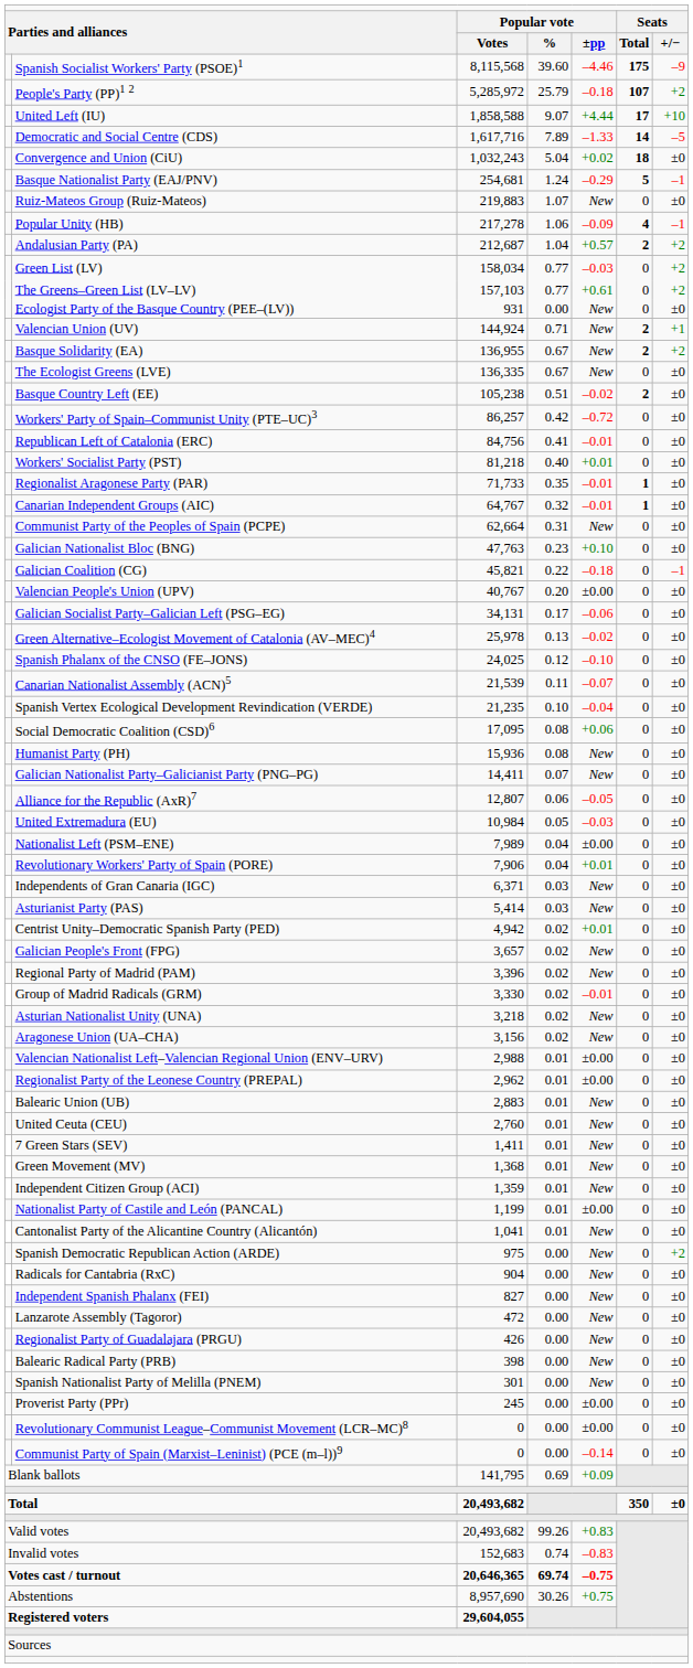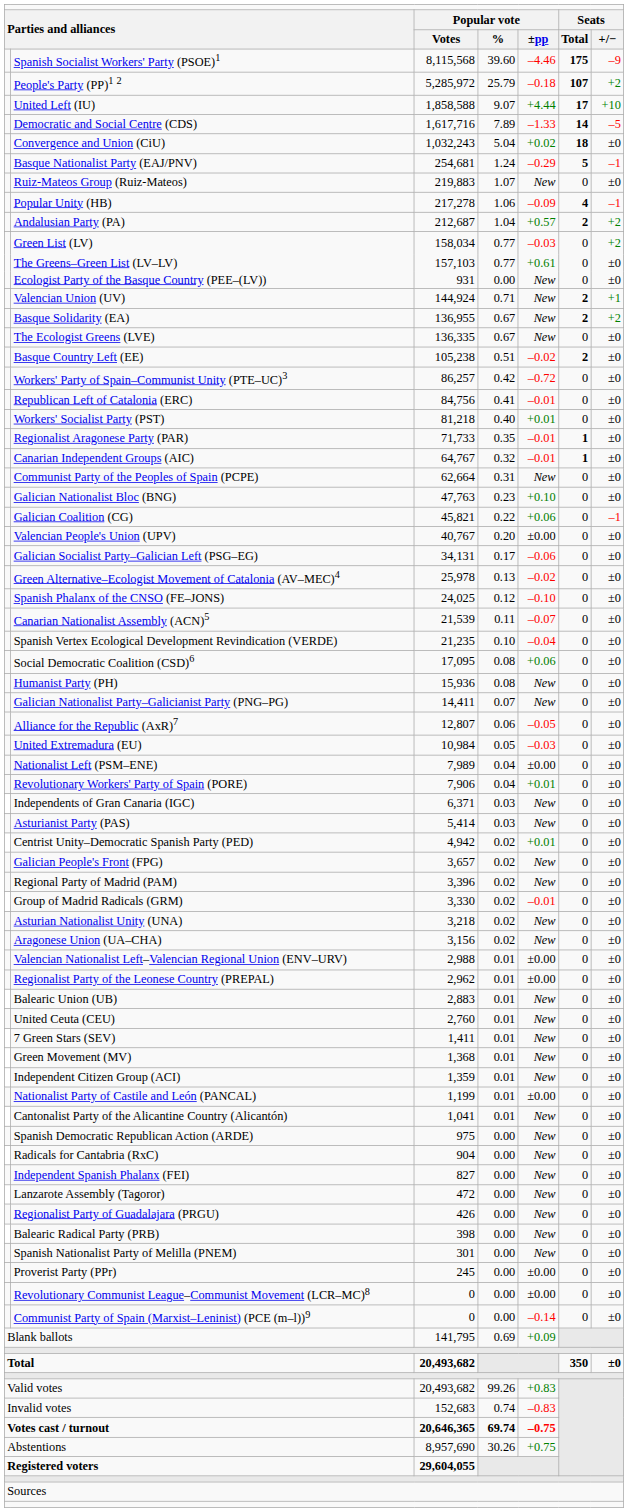 <table class="wikitable" style="text-align:right;">
 <tr>
 <td colspan="7"></td>
 </tr>
 <tr>
 <th style="text-align:left;" rowspan="2" colspan="2" width="525">Parties and alliances</th>
 <th colspan="3">Popular vote</th>
 <th colspan="2">Seats</th>
 </tr>
 <tr>
 <th width="75">Votes</th>
 <th width="45">%</th>
 <th width="45">±<a href='#'>pp</a></th>
 <th width="35">Total</th>
 <th width="35">+/−</th>
 </tr>
 <tr>
 <td width="1" style="color:inherit;background:"></td>
 <td align="left"><a href='#'>Spanish Socialist Workers' Party</a> (PSOE)<sup>1</sup></td>
 <td>8,115,568</td>
 <td>39.60</td>
 <td style="color:red;">–4.46</td>
 <td><strong>175</strong></td>
 <td style="color:red;">–9</td>
 </tr>
 <tr>
 <td style="color:inherit;background:"></td>
 <td align="left"><a href='#'>People's Party</a> (PP)<sup>1</sup> <sup>2</sup></td>
 <td>5,285,972</td>
 <td>25.79</td>
 <td style="color:red;">–0.18</td>
 <td><strong>107</strong></td>
 <td style="color:green;">+2</td>
 </tr>
 <tr>
 <td style="color:inherit;background:"></td>
 <td align="left"><a href='#'>United Left</a> (IU)</td>
 <td>1,858,588</td>
 <td>9.07</td>
 <td style="color:green;">+4.44</td>
 <td><strong>17</strong></td>
 <td style="color:green;">+10</td>
 </tr>
 <tr>
 <td style="color:inherit;background:"></td>
 <td align="left"><a href='#'>Democratic and Social Centre</a> (CDS)</td>
 <td>1,617,716</td>
 <td>7.89</td>
 <td style="color:red;">–1.33</td>
 <td><strong>14</strong></td>
 <td style="color:red;">–5</td>
 </tr>
 <tr>
 <td style="color:inherit;background:"></td>
 <td align="left"><a href='#'>Convergence and Union</a> (CiU)</td>
 <td>1,032,243</td>
 <td>5.04</td>
 <td style="color:green;">+0.02</td>
 <td><strong>18</strong></td>
 <td>±0</td>
 </tr>
 <tr>
 <td style="color:inherit;background:"></td>
 <td align="left"><a href='#'>Basque Nationalist Party</a> (EAJ/PNV)</td>
 <td>254,681</td>
 <td>1.24</td>
 <td style="color:red;">–0.29</td>
 <td><strong>5</strong></td>
 <td style="color:red;">–1</td>
 </tr>
 <tr>
 <td style="color:inherit;background:"></td>
 <td align="left"><a href='#'>Ruiz-Mateos Group</a> (Ruiz-Mateos)</td>
 <td>219,883</td>
 <td>1.07</td>
 <td><em>New</em></td>
 <td>0</td>
 <td>±0</td>
 </tr>
 <tr>
 <td style="color:inherit;background:"></td>
 <td align="left"><a href='#'>Popular Unity</a> (HB)</td>
 <td>217,278</td>
 <td>1.06</td>
 <td style="color:red;">–0.09</td>
 <td><strong>4</strong></td>
 <td style="color:red;">–1</td>
 </tr>
 <tr>
 <td style="color:inherit;background:"></td>
 <td align="left"><a href='#'>Andalusian Party</a> (PA)</td>
 <td>212,687</td>
 <td>1.04</td>
 <td style="color:green;">+0.57</td>
 <td><strong>2</strong></td>
 <td style="color:green;">+2</td>
 </tr>
 <tr style="line-height:22px;">
 <td rowspan="3" style="color:inherit;background:"></td>
 <td align="left"><a href='#'>Green List</a> (LV)</td>
 <td>158,034</td>
 <td>0.77</td>
 <td style="color:red;">–0.03</td>
 <td>0</td>
 <td style="color:green;">+2</td>
 </tr>
 <tr style="border-bottom-style:hidden; border-top-style:hidden; line-height:16px;">
 <td align="left"><span><a href='#'>The Greens–Green List</a> (LV–LV)</span></td>
 <td>157,103</td>
 <td>0.77</td>
 <td style="color:green;">+0.61</td>
 <td>0</td>
-<td style="color:green;">+2</td>
+<td>±0</td>
 </tr>
 <tr style="line-height:16px;">
 <td align="left"><span><a href='#'>Ecologist Party of the Basque Country</a> (PEE–(LV))</span></td>
 <td>931</td>
 <td>0.00</td>
 <td><em>New</em></td>
 <td>0</td>
 <td>±0</td>
 </tr>
 <tr>
 <td style="color:inherit;background:"></td>
 <td align="left"><a href='#'>Valencian Union</a> (UV)</td>
 <td>144,924</td>
 <td>0.71</td>
 <td><em>New</em></td>
 <td><strong>2</strong></td>
 <td style="color:green;">+1</td>
 </tr>
 <tr>
 <td style="color:inherit;background:"></td>
 <td align="left"><a href='#'>Basque Solidarity</a> (EA)</td>
 <td>136,955</td>
 <td>0.67</td>
 <td><em>New</em></td>
 <td><strong>2</strong></td>
 <td style="color:green;">+2</td>
 </tr>
 <tr>
 <td style="color:inherit;background:"></td>
 <td align="left"><a href='#'>The Ecologist Greens</a> (LVE)</td>
 <td>136,335</td>
 <td>0.67</td>
 <td><em>New</em></td>
 <td>0</td>
 <td>±0</td>
 </tr>
 <tr>
 <td style="color:inherit;background:"></td>
 <td align="left"><a href='#'>Basque Country Left</a> (EE)</td>
 <td>105,238</td>
 <td>0.51</td>
 <td style="color:red;">–0.02</td>
 <td><strong>2</strong></td>
 <td>±0</td>
 </tr>
 <tr>
 <td style="color:inherit;background:"></td>
 <td align="left"><a href='#'>Workers' Party of Spain–Communist Unity</a> (PTE–UC)<sup>3</sup></td>
 <td>86,257</td>
 <td>0.42</td>
 <td style="color:red;">–0.72</td>
 <td>0</td>
 <td>±0</td>
 </tr>
 <tr>
 <td style="color:inherit;background:"></td>
 <td align="left"><a href='#'>Republican Left of Catalonia</a> (ERC)</td>
 <td>84,756</td>
 <td>0.41</td>
 <td style="color:red;">–0.01</td>
 <td>0</td>
 <td>±0</td>
 </tr>
 <tr>
 <td style="color:inherit;background:"></td>
 <td align="left"><a href='#'>Workers' Socialist Party</a> (PST)</td>
 <td>81,218</td>
 <td>0.40</td>
 <td style="color:green;">+0.01</td>
 <td>0</td>
 <td>±0</td>
 </tr>
 <tr>
 <td style="color:inherit;background:"></td>
 <td align="left"><a href='#'>Regionalist Aragonese Party</a> (PAR)</td>
 <td>71,733</td>
 <td>0.35</td>
 <td style="color:red;">–0.01</td>
 <td><strong>1</strong></td>
 <td>±0</td>
 </tr>
 <tr>
 <td style="color:inherit;background:"></td>
 <td align="left"><a href='#'>Canarian Independent Groups</a> (AIC)</td>
 <td>64,767</td>
 <td>0.32</td>
 <td style="color:red;">–0.01</td>
 <td><strong>1</strong></td>
 <td>±0</td>
 </tr>
 <tr>
 <td style="color:inherit;background:"></td>
 <td align="left"><a href='#'>Communist Party of the Peoples of Spain</a> (PCPE)</td>
 <td>62,664</td>
 <td>0.31</td>
 <td><em>New</em></td>
 <td>0</td>
 <td>±0</td>
 </tr>
 <tr>
 <td style="color:inherit;background:"></td>
 <td align="left"><a href='#'>Galician Nationalist Bloc</a> (BNG)</td>
 <td>47,763</td>
 <td>0.23</td>
 <td style="color:green;">+0.10</td>
 <td>0</td>
 <td>±0</td>
 </tr>
 <tr>
 <td style="color:inherit;background:"></td>
 <td align="left"><a href='#'>Galician Coalition</a> (CG)</td>
 <td>45,821</td>
 <td>0.22</td>
-<td style="color:red;">–0.18</td>
+<td style="color:green;">+0.06</td>
 <td>0</td>
 <td style="color:red;">–1</td>
 </tr>
 <tr>
 <td style="color:inherit;background:"></td>
 <td align="left"><a href='#'>Valencian People's Union</a> (UPV)</td>
 <td>40,767</td>
 <td>0.20</td>
 <td>±0.00</td>
 <td>0</td>
 <td>±0</td>
 </tr>
 <tr>
 <td style="color:inherit;background:"></td>
 <td align="left"><a href='#'>Galician Socialist Party–Galician Left</a> (PSG–EG)</td>
 <td>34,131</td>
 <td>0.17</td>
 <td style="color:red;">–0.06</td>
 <td>0</td>
 <td>±0</td>
 </tr>
 <tr>
 <td style="color:inherit;background:"></td>
 <td align="left"><a href='#'>Green Alternative–Ecologist Movement of Catalonia</a> (AV–MEC)<sup>4</sup></td>
 <td>25,978</td>
 <td>0.13</td>
 <td style="color:red;">–0.02</td>
 <td>0</td>
 <td>±0</td>
 </tr>
 <tr>
 <td style="color:inherit;background:"></td>
 <td align="left"><a href='#'>Spanish Phalanx of the CNSO</a> (FE–JONS)</td>
 <td>24,025</td>
 <td>0.12</td>
 <td style="color:red;">–0.10</td>
 <td>0</td>
 <td>±0</td>
 </tr>
 <tr>
 <td style="color:inherit;background:"></td>
 <td align="left"><a href='#'>Canarian Nationalist Assembly</a> (ACN)<sup>5</sup></td>
 <td>21,539</td>
 <td>0.11</td>
 <td style="color:red;">–0.07</td>
 <td>0</td>
 <td>±0</td>
 </tr>
 <tr>
 <td style="color:inherit;background:"></td>
 <td align="left">Spanish Vertex Ecological Development Revindication (VERDE)</td>
 <td>21,235</td>
 <td>0.10</td>
 <td style="color:red;">–0.04</td>
 <td>0</td>
 <td>±0</td>
 </tr>
 <tr>
 <td style="color:inherit;background:"></td>
 <td align="left">Social Democratic Coalition (CSD)<sup>6</sup></td>
 <td>17,095</td>
 <td>0.08</td>
 <td style="color:green;">+0.06</td>
 <td>0</td>
 <td>±0</td>
 </tr>
 <tr>
 <td style="color:inherit;background:"></td>
 <td align="left"><a href='#'>Humanist Party</a> (PH)</td>
 <td>15,936</td>
 <td>0.08</td>
 <td><em>New</em></td>
 <td>0</td>
 <td>±0</td>
 </tr>
 <tr>
 <td style="color:inherit;background:"></td>
 <td align="left"><a href='#'>Galician Nationalist Party–Galicianist Party</a> (PNG–PG)</td>
 <td>14,411</td>
 <td>0.07</td>
 <td><em>New</em></td>
 <td>0</td>
 <td>±0</td>
 </tr>
 <tr>
 <td style="color:inherit;background:"></td>
 <td align="left"><a href='#'>Alliance for the Republic</a> (AxR)<sup>7</sup></td>
 <td>12,807</td>
 <td>0.06</td>
 <td style="color:red;">–0.05</td>
 <td>0</td>
 <td>±0</td>
 </tr>
 <tr>
 <td style="color:inherit;background:"></td>
 <td align="left"><a href='#'>United Extremadura</a> (EU)</td>
 <td>10,984</td>
 <td>0.05</td>
 <td style="color:red;">–0.03</td>
 <td>0</td>
 <td>±0</td>
 </tr>
 <tr>
 <td style="color:inherit;background:"></td>
 <td align="left"><a href='#'>Nationalist Left</a> (PSM–ENE)</td>
 <td>7,989</td>
 <td>0.04</td>
 <td>±0.00</td>
 <td>0</td>
 <td>±0</td>
 </tr>
 <tr>
 <td style="color:inherit;background:"></td>
 <td align="left"><a href='#'>Revolutionary Workers' Party of Spain</a> (PORE)</td>
 <td>7,906</td>
 <td>0.04</td>
 <td style="color:green;">+0.01</td>
 <td>0</td>
 <td>±0</td>
 </tr>
 <tr>
 <td bgcolor="white"></td>
 <td align="left">Independents of Gran Canaria (IGC)</td>
 <td>6,371</td>
 <td>0.03</td>
 <td><em>New</em></td>
 <td>0</td>
 <td>±0</td>
 </tr>
 <tr>
 <td style="color:inherit;background:"></td>
 <td align="left"><a href='#'>Asturianist Party</a> (PAS)</td>
 <td>5,414</td>
 <td>0.03</td>
 <td><em>New</em></td>
 <td>0</td>
 <td>±0</td>
 </tr>
 <tr>
 <td bgcolor="white"></td>
 <td align="left">Centrist Unity–Democratic Spanish Party (PED)</td>
 <td>4,942</td>
 <td>0.02</td>
 <td style="color:green;">+0.01</td>
 <td>0</td>
 <td>±0</td>
 </tr>
 <tr>
 <td style="color:inherit;background:"></td>
 <td align="left"><a href='#'>Galician People's Front</a> (FPG)</td>
 <td>3,657</td>
 <td>0.02</td>
 <td><em>New</em></td>
 <td>0</td>
 <td>±0</td>
 </tr>
 <tr>
 <td style="color:inherit;background:"></td>
 <td align="left">Regional Party of Madrid (PAM)</td>
 <td>3,396</td>
 <td>0.02</td>
 <td><em>New</em></td>
 <td>0</td>
 <td>±0</td>
 </tr>
 <tr>
 <td bgcolor="white"></td>
 <td align="left">Group of Madrid Radicals (GRM)</td>
 <td>3,330</td>
 <td>0.02</td>
 <td style="color:red;">–0.01</td>
 <td>0</td>
 <td>±0</td>
 </tr>
 <tr>
 <td style="color:inherit;background:"></td>
 <td align="left"><a href='#'>Asturian Nationalist Unity</a> (UNA)</td>
 <td>3,218</td>
 <td>0.02</td>
 <td><em>New</em></td>
 <td>0</td>
 <td>±0</td>
 </tr>
 <tr>
 <td style="color:inherit;background:"></td>
 <td align="left"><a href='#'>Aragonese Union</a> (UA–CHA)</td>
 <td>3,156</td>
 <td>0.02</td>
 <td><em>New</em></td>
 <td>0</td>
 <td>±0</td>
 </tr>
 <tr>
 <td style="color:inherit;background:"></td>
 <td align="left"><a href='#'>Valencian Nationalist Left</a>–<a href='#'>Valencian Regional Union</a> (ENV–URV)</td>
 <td>2,988</td>
 <td>0.01</td>
 <td>±0.00</td>
 <td>0</td>
 <td>±0</td>
 </tr>
 <tr>
 <td style="color:inherit;background:"></td>
 <td align="left"><a href='#'>Regionalist Party of the Leonese Country</a> (PREPAL)</td>
 <td>2,962</td>
 <td>0.01</td>
 <td>±0.00</td>
 <td>0</td>
 <td>±0</td>
 </tr>
 <tr>
 <td bgcolor="white"></td>
 <td align="left">Balearic Union (UB)</td>
 <td>2,883</td>
 <td>0.01</td>
 <td><em>New</em></td>
 <td>0</td>
 <td>±0</td>
 </tr>
 <tr>
 <td style="color:inherit;background:"></td>
 <td align="left">United Ceuta (CEU)</td>
 <td>2,760</td>
 <td>0.01</td>
 <td><em>New</em></td>
 <td>0</td>
 <td>±0</td>
 </tr>
 <tr>
 <td bgcolor="white"></td>
 <td align="left">7 Green Stars (SEV)</td>
 <td>1,411</td>
 <td>0.01</td>
 <td><em>New</em></td>
 <td>0</td>
 <td>±0</td>
 </tr>
 <tr>
 <td bgcolor="white"></td>
 <td align="left">Green Movement (MV)</td>
 <td>1,368</td>
 <td>0.01</td>
 <td><em>New</em></td>
 <td>0</td>
 <td>±0</td>
 </tr>
 <tr>
 <td bgcolor="white"></td>
 <td align="left">Independent Citizen Group (ACI)</td>
 <td>1,359</td>
 <td>0.01</td>
 <td><em>New</em></td>
 <td>0</td>
 <td>±0</td>
 </tr>
 <tr>
 <td style="color:inherit;background:"></td>
 <td align="left"><a href='#'>Nationalist Party of Castile and León</a> (PANCAL)</td>
 <td>1,199</td>
 <td>0.01</td>
 <td>±0.00</td>
 <td>0</td>
 <td>±0</td>
 </tr>
 <tr>
 <td bgcolor="white"></td>
 <td align="left">Cantonalist Party of the Alicantine Country (Alicantón)</td>
 <td>1,041</td>
 <td>0.01</td>
 <td><em>New</em></td>
 <td>0</td>
 <td>±0</td>
 </tr>
 <tr>
 <td style="color:inherit;background:"></td>
 <td align="left">Spanish Democratic Republican Action (ARDE)</td>
 <td>975</td>
 <td>0.00</td>
 <td><em>New</em></td>
 <td>0</td>
-<td style="color:green;">+2</td>
+<td>±0</td>
 </tr>
 <tr>
 <td bgcolor="white"></td>
 <td align="left">Radicals for Cantabria (RxC)</td>
 <td>904</td>
 <td>0.00</td>
 <td><em>New</em></td>
 <td>0</td>
 <td>±0</td>
 </tr>
 <tr>
 <td style="color:inherit;background:"></td>
 <td align="left"><a href='#'>Independent Spanish Phalanx</a> (FEI)</td>
 <td>827</td>
 <td>0.00</td>
 <td><em>New</em></td>
 <td>0</td>
 <td>±0</td>
 </tr>
 <tr>
 <td bgcolor="white"></td>
 <td align="left">Lanzarote Assembly (Tagoror)</td>
 <td>472</td>
 <td>0.00</td>
 <td><em>New</em></td>
 <td>0</td>
 <td>±0</td>
 </tr>
 <tr>
 <td style="color:inherit;background:"></td>
 <td align="left"><a href='#'>Regionalist Party of Guadalajara</a> (PRGU)</td>
 <td>426</td>
 <td>0.00</td>
 <td><em>New</em></td>
 <td>0</td>
 <td>±0</td>
 </tr>
 <tr>
 <td bgcolor="white"></td>
 <td align="left">Balearic Radical Party (PRB)</td>
 <td>398</td>
 <td>0.00</td>
 <td><em>New</em></td>
 <td>0</td>
 <td>±0</td>
 </tr>
 <tr>
 <td style="color:inherit;background:"></td>
 <td align="left">Spanish Nationalist Party of Melilla (PNEM)</td>
 <td>301</td>
 <td>0.00</td>
 <td><em>New</em></td>
 <td>0</td>
 <td>±0</td>
 </tr>
 <tr>
 <td style="color:inherit;background:"></td>
 <td align="left">Proverist Party (PPr)</td>
 <td>245</td>
 <td>0.00</td>
 <td>±0.00</td>
 <td>0</td>
 <td>±0</td>
 </tr>
 <tr>
 <td style="color:inherit;background:"></td>
 <td align="left"><a href='#'>Revolutionary Communist League</a>–<a href='#'>Communist Movement</a> (LCR–MC)<sup>8</sup></td>
 <td>0</td>
 <td>0.00</td>
 <td>±0.00</td>
 <td>0</td>
 <td>±0</td>
 </tr>
 <tr>
 <td style="color:inherit;background:"></td>
 <td align="left"><a href='#'>Communist Party of Spain (Marxist–Leninist)</a> (PCE (m–l))<sup>9</sup></td>
 <td>0</td>
 <td>0.00</td>
 <td style="color:red;">–0.14</td>
 <td>0</td>
 <td>±0</td>
 </tr>
 <tr>
 <td align="left" colspan="2">Blank ballots</td>
 <td>141,795</td>
 <td>0.69</td>
 <td style="color:green;">+0.09</td>
 <td bgcolor="#E9E9E9" colspan="2"></td>
 </tr>
 <tr>
 <td colspan="7" bgcolor="#E9E9E9"></td>
 </tr>
 <tr style="font-weight:bold;">
 <td align="left" colspan="2">Total</td>
 <td>20,493,682</td>
 <td bgcolor="#E9E9E9" colspan="2"></td>
 <td>350</td>
 <td>±0</td>
 </tr>
 <tr>
 <td colspan="7" bgcolor="#E9E9E9"></td>
 </tr>
 <tr>
 <td align="left" colspan="2">Valid votes</td>
 <td>20,493,682</td>
 <td>99.26</td>
 <td style="color:green;">+0.83</td>
 <td bgcolor="#E9E9E9" colspan="2" rowspan="5"></td>
 </tr>
 <tr>
 <td align="left" colspan="2">Invalid votes</td>
 <td>152,683</td>
 <td>0.74</td>
 <td style="color:red;">–0.83</td>
 </tr>
 <tr style="font-weight:bold;">
 <td align="left" colspan="2">Votes cast / turnout</td>
 <td>20,646,365</td>
 <td>69.74</td>
 <td style="color:red;">–0.75</td>
 </tr>
 <tr>
 <td align="left" colspan="2">Abstentions</td>
 <td>8,957,690</td>
 <td>30.26</td>
 <td style="color:green;">+0.75</td>
 </tr>
 <tr style="font-weight:bold;">
 <td align="left" colspan="2">Registered voters</td>
 <td>29,604,055</td>
 <td bgcolor="#E9E9E9" colspan="2"></td>
 </tr>
 <tr>
 <td colspan="7" bgcolor="#E9E9E9"></td>
 </tr>
 <tr>
 <td align="left" colspan="7">Sources</td>
 </tr>
 <tr>
 <td colspan="7" style="text-align:left; max-width:790px;"></td>
 </tr>
 </table>
